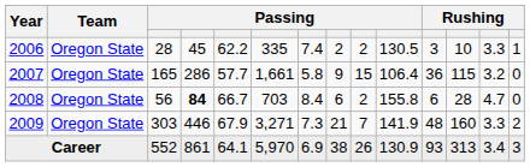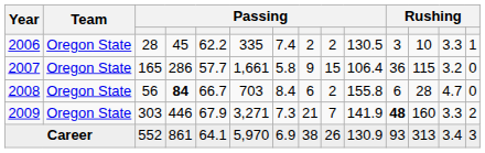 <table class="wikitable sortable" style="text-align:center;">
 <tr>
 <th rowspan=2>Year</th>
 <th rowspan=2>Team</th>
 <th colspan=8>Passing</th>
 <th colspan=4>Rushing</th>
 </tr>
 <tr>
 <th></th>
 <th></th>
 <th></th>
 <th></th>
 <th></th>
 <th></th>
 <th></th>
 <th></th>
 <th></th>
 <th></th>
 <th></th>
 <th></th>
 </tr>
 <tr>
 <td><a href='#'>2006</a></td>
 <td><a href='#'>Oregon State</a></td>
 <td>28</td>
 <td>45</td>
 <td>62.2</td>
 <td>335</td>
 <td>7.4</td>
 <td>2</td>
 <td>2</td>
 <td>130.5</td>
 <td>3</td>
 <td>10</td>
 <td>3.3</td>
 <td>1</td>
 </tr>
 <tr>
 <td><a href='#'>2007</a></td>
 <td><a href='#'>Oregon State</a></td>
 <td>165</td>
 <td>286</td>
 <td>57.7</td>
 <td>1,661</td>
 <td>5.8</td>
 <td>9</td>
 <td>15</td>
 <td>106.4</td>
 <td>36</td>
 <td>115</td>
 <td>3.2</td>
 <td>0</td>
 </tr>
 <tr>
 <td><a href='#'>2008</a></td>
 <td><a href='#'>Oregon State</a></td>
 <td>56</td>
 <td><strong>84</strong></td>
 <td>66.7</td>
 <td>703</td>
 <td>8.4</td>
 <td>6</td>
 <td>2</td>
 <td>155.8</td>
 <td>6</td>
 <td>28</td>
 <td>4.7</td>
 <td>0</td>
 </tr>
 <tr>
 <td><a href='#'>2009</a></td>
 <td><a href='#'>Oregon State</a></td>
 <td>303</td>
 <td>446</td>
 <td>67.9</td>
 <td>3,271</td>
 <td>7.3</td>
 <td>21</td>
 <td>7</td>
 <td>141.9</td>
-<td>48</td>
+<td><strong>48</strong></td>
 <td>160</td>
 <td>3.3</td>
 <td>2</td>
 </tr>
 <tr class="sortbottom" style="background:#eee;">
 <td colspan=2><strong>Career</strong></td>
 <td>552</td>
 <td>861</td>
 <td>64.1</td>
 <td>5,970</td>
 <td>6.9</td>
 <td>38</td>
 <td>26</td>
 <td>130.9</td>
 <td>93</td>
 <td>313</td>
 <td>3.4</td>
 <td>3</td>
 </tr>
 </table>
